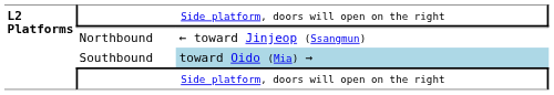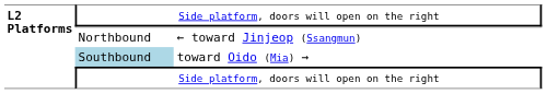 <table table border=0 cellspacing=0 cellpadding=3>
 <tr>
 <td style="border-top:solid 1px gray;border-bottom:solid 1px gray;" width=50 rowspan=10 valign=top><strong>L2<br>Platforms</strong></td>
 <td style="border-top:solid 1px gray;border-right:solid 2px black;border-left:solid 2px black;border-bottom:solid 2px black;text-align:center;" colspan=2><small><a href='#'>Side platform</a>, doors will open on the right</small></td>
 </tr>
 <tr>
 <td style="border-bottom:solid 0px gray;border-top:solid 1px gray;" width=100>Northbound</td>
 <td style="border-bottom:solid 0px gray;border-top:solid 1px gray;" width=390>←  toward <a href='#'>Jinjeop</a> <small>(<a href='#'>Ssangmun</a>)</small></td>
 </tr>
 <tr>
-<td>Southbound</td>
-<td style="background: lightblue;">  toward <a href='#'>Oido</a> <small>(<a href='#'>Mia</a>)</small> →</td>
+<td style="background: lightblue;">Southbound</td>
+<td>  toward <a href='#'>Oido</a> <small>(<a href='#'>Mia</a>)</small> →</td>
 </tr>
 <tr>
 <td style="border-top:solid 2px black;border-right:solid 2px black;border-left:solid 2px black;border-bottom:solid 1px gray;text-align:center;" colspan=2><small><a href='#'>Side platform</a>, doors will open on the right</small></td>
 </tr>
 </table>
